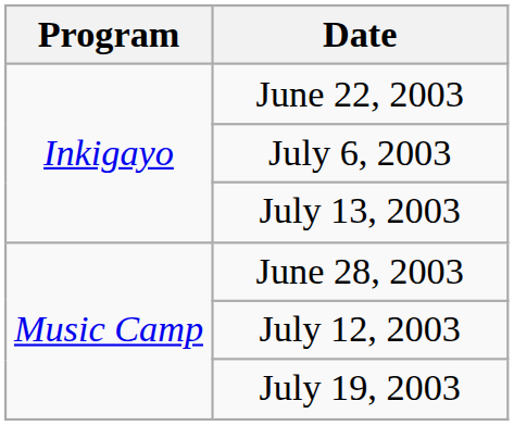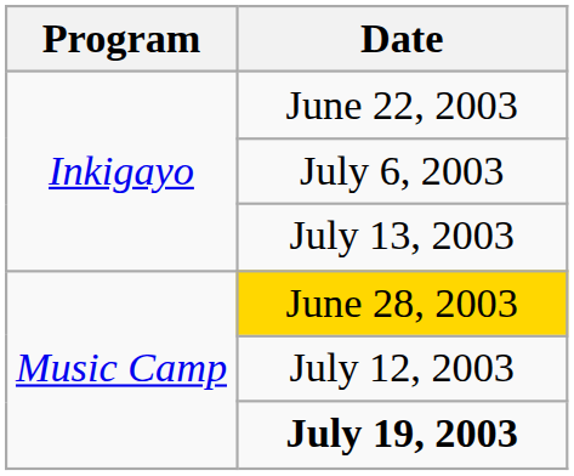 <table class="wikitable plainrowheaders sortable" style="text-align:center">
 <tr>
 <th>Program</th>
 <th width="120">Date</th>
 </tr>
 <tr>
 <td rowspan="3"><em><a href='#'>Inkigayo</a></em></td>
 <td>June 22, 2003</td>
 </tr>
 <tr>
 <td>July 6, 2003</td>
 </tr>
 <tr>
 <td>July 13, 2003</td>
 </tr>
 <tr>
 <td rowspan="3"><em><a href='#'>Music Camp</a></em></td>
-<td>June 28, 2003</td>
+<td style="background: gold;">June 28, 2003</td>
 </tr>
 <tr>
 <td>July 12, 2003</td>
 </tr>
 <tr>
-<td>July 19, 2003</td>
+<td><strong>July 19, 2003</strong></td>
 </tr>
 </table>
